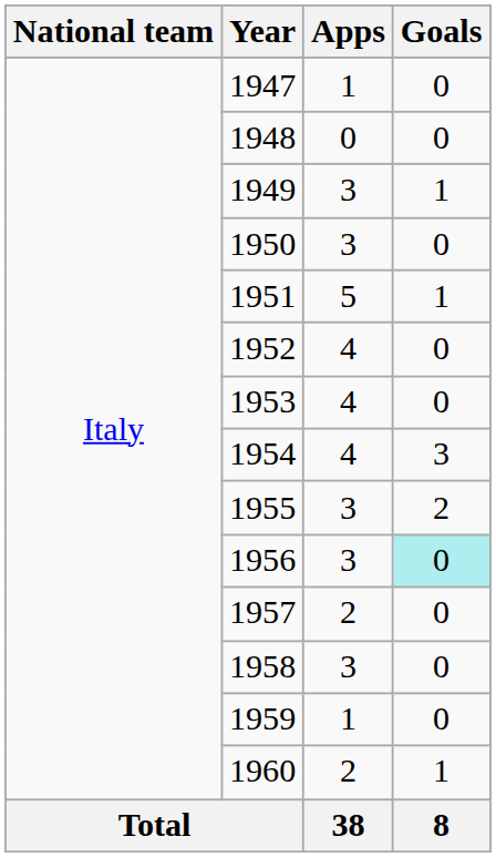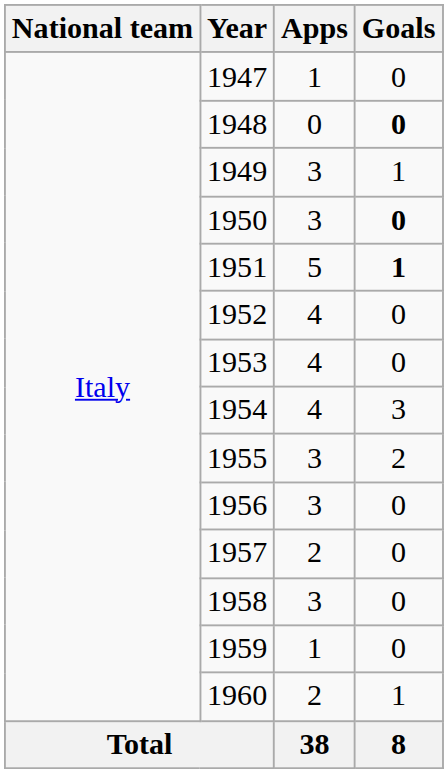 <table class="wikitable" style="text-align:center">
 <tr>
 <th>National team</th>
 <th>Year</th>
 <th>Apps</th>
 <th>Goals</th>
 </tr>
 <tr>
 <td rowspan="14"><a href='#'>Italy</a></td>
 <td>1947</td>
 <td>1</td>
 <td>0</td>
 </tr>
 <tr>
 <td>1948</td>
 <td>0</td>
-<td>0</td>
+<td><strong>0</strong></td>
 </tr>
 <tr>
 <td>1949</td>
 <td>3</td>
 <td>1</td>
 </tr>
 <tr>
 <td>1950</td>
 <td>3</td>
-<td>0</td>
+<td><strong>0</strong></td>
 </tr>
 <tr>
 <td>1951</td>
 <td>5</td>
-<td>1</td>
+<td><strong>1</strong></td>
 </tr>
 <tr>
 <td>1952</td>
 <td>4</td>
 <td>0</td>
 </tr>
 <tr>
 <td>1953</td>
 <td>4</td>
 <td>0</td>
 </tr>
 <tr>
 <td>1954</td>
 <td>4</td>
 <td>3</td>
 </tr>
 <tr>
 <td>1955</td>
 <td>3</td>
 <td>2</td>
 </tr>
 <tr>
 <td>1956</td>
 <td>3</td>
-<td style="background: paleturquoise;">0</td>
+<td>0</td>
 </tr>
 <tr>
 <td>1957</td>
 <td>2</td>
 <td>0</td>
 </tr>
 <tr>
 <td>1958</td>
 <td>3</td>
 <td>0</td>
 </tr>
 <tr>
 <td>1959</td>
 <td>1</td>
 <td>0</td>
 </tr>
 <tr>
 <td>1960</td>
 <td>2</td>
 <td>1</td>
 </tr>
 <tr>
 <th colspan="2">Total</th>
 <th>38</th>
 <th>8</th>
 </tr>
 </table>
